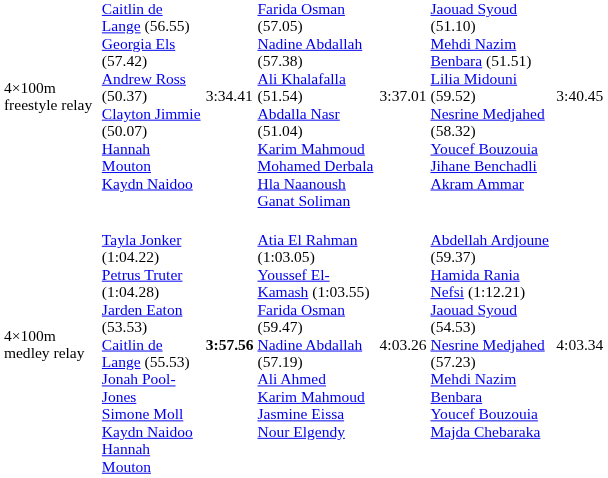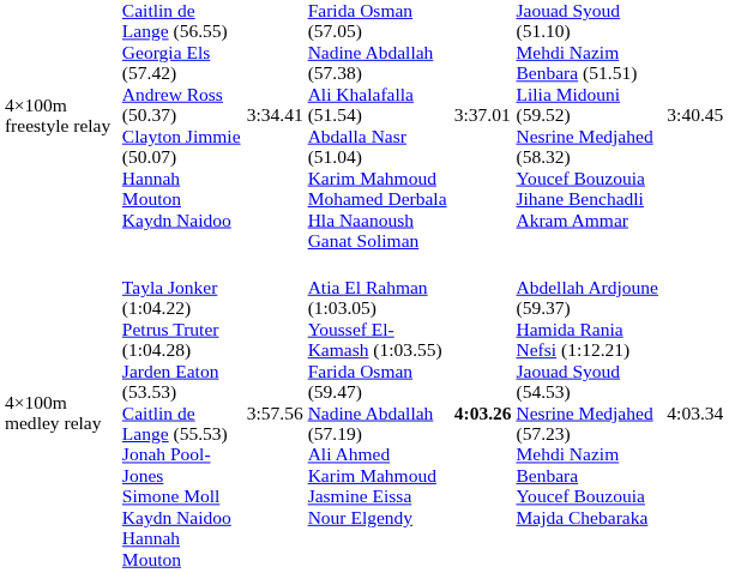 <table>
 <tr>
 <td>4×100m freestyle relay<br></td>
 <td valign=top><br><a href='#'>Caitlin de Lange</a> (56.55)<br><a href='#'>Georgia Els</a> (57.42)<br><a href='#'>Andrew Ross</a> (50.37)<br><a href='#'>Clayton Jimmie</a> (50.07)<br><a href='#'>Hannah Mouton</a><br><a href='#'>Kaydn Naidoo</a></td>
 <td>3:34.41</td>
 <td valign=top><br><a href='#'>Farida Osman</a> (57.05)<br><a href='#'>Nadine Abdallah</a> (57.38)<br><a href='#'>Ali Khalafalla</a> (51.54)<br><a href='#'>Abdalla Nasr</a> (51.04)<br><a href='#'>Karim Mahmoud</a><br><a href='#'>Mohamed Derbala</a><br><a href='#'>Hla Naanoush</a><br><a href='#'>Ganat Soliman</a></td>
 <td>3:37.01</td>
 <td valign=top><br><a href='#'>Jaouad Syoud</a> (51.10)<br><a href='#'>Mehdi Nazim Benbara</a> (51.51)<br><a href='#'>Lilia Midouni</a> (59.52)<br><a href='#'>Nesrine Medjahed</a> (58.32)<br><a href='#'>Youcef Bouzouia</a><br><a href='#'>Jihane Benchadli</a><br><a href='#'>Akram Ammar</a></td>
 <td>3:40.45</td>
 </tr>
 <tr>
 <td>4×100m medley relay<br></td>
 <td valign=top><br><a href='#'>Tayla Jonker</a> (1:04.22)<br><a href='#'>Petrus Truter</a> (1:04.28)<br><a href='#'>Jarden Eaton</a> (53.53)<br><a href='#'>Caitlin de Lange</a> (55.53)<br><a href='#'>Jonah Pool-Jones</a><br><a href='#'>Simone Moll</a><br><a href='#'>Kaydn Naidoo</a><br><a href='#'>Hannah Mouton</a></td>
-<td><strong>3:57.56</strong></td>
+<td>3:57.56</td>
 <td valign=top><br><a href='#'>Atia El Rahman</a> (1:03.05)<br><a href='#'>Youssef El-Kamash</a> (1:03.55)<br><a href='#'>Farida Osman</a> (59.47)<br><a href='#'>Nadine Abdallah</a> (57.19)<br><a href='#'>Ali Ahmed</a><br><a href='#'>Karim Mahmoud</a><br><a href='#'>Jasmine Eissa</a><br><a href='#'>Nour Elgendy</a></td>
-<td>4:03.26</td>
+<td><strong>4:03.26</strong></td>
 <td valign=top><br><a href='#'>Abdellah Ardjoune</a> (59.37)<br><a href='#'>Hamida Rania Nefsi</a> (1:12.21)<br><a href='#'>Jaouad Syoud</a> (54.53)<br><a href='#'>Nesrine Medjahed</a> (57.23)<br><a href='#'>Mehdi Nazim Benbara</a><br><a href='#'>Youcef Bouzouia</a><br><a href='#'>Majda Chebaraka</a></td>
 <td>4:03.34</td>
 </tr>
 </table>
